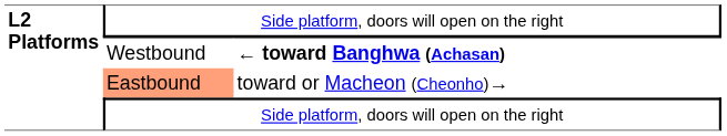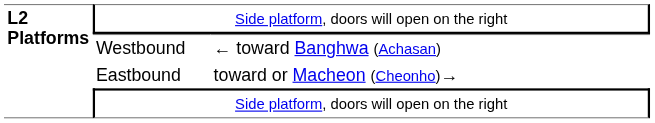 <table table border=0 cellspacing=0 cellpadding=3>
 <tr>
 <td style="border-top:solid 1px gray;border-bottom:solid 1px gray;" width=50 rowspan=10 valign=top><strong>L2<br>Platforms</strong></td>
 <td style="border-top:solid 1px gray;border-right:solid 2px black;border-left:solid 2px black;border-bottom:solid 2px black;text-align:center;" colspan=2><small><a href='#'>Side platform</a>, doors will open on the right</small></td>
 </tr>
 <tr>
 <td style="border-bottom:solid 0px gray;border-top:solid 1px gray;" width=100>Westbound</td>
-<td style="border-bottom:solid 0px gray;border-top:solid 1px gray;" width=390><strong>←  toward <a href='#'>Banghwa</a> <small>(<a href='#'>Achasan</a>)</small></strong></td>
+<td style="border-bottom:solid 0px gray;border-top:solid 1px gray;" width=390>←  toward <a href='#'>Banghwa</a> <small>(<a href='#'>Achasan</a>)</small></td>
 </tr>
 <tr>
-<td style="background: lightsalmon;">Eastbound</td>
+<td>Eastbound</td>
 <td>  toward  or <a href='#'>Macheon</a> <small>(<a href='#'>Cheonho</a>)</small>→</td>
 </tr>
 <tr>
 <td style="border-top:solid 2px black;border-right:solid 2px black;border-left:solid 2px black;border-bottom:solid 1px gray;text-align:center;" colspan=2><small><a href='#'>Side platform</a>, doors will open on the right</small></td>
 </tr>
 </table>
